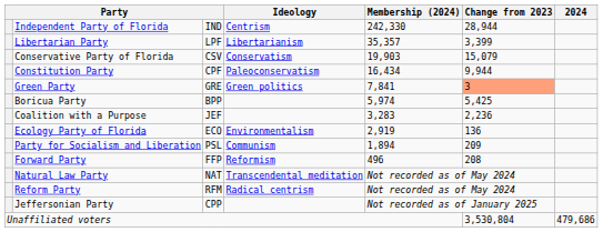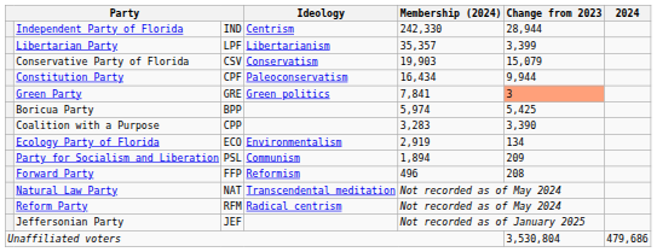 <table class="wikitable sortable">
 <tr>
 <th colspan=3>Party</th>
 <th class=unsortable>Ideology</th>
 <th>Membership (2024)</th>
 <th>Change from 2023</th>
 <th class=unsortable>2024<br></th>
 </tr>
 <tr>
 <th style="background-color: "></th>
 <td><a href='#'>Independent Party of Florida</a></td>
 <td>IND</td>
 <td><a href='#'>Centrism</a></td>
 <td>242,330</td>
 <td> 28,944</td>
 <td></td>
 </tr>
 <tr>
 <th width=5px style="background-color: "></th>
 <td><a href='#'>Libertarian Party</a></td>
 <td>LPF</td>
 <td><a href='#'>Libertarianism</a></td>
 <td>35,357</td>
 <td> 3,399</td>
 <td></td>
 </tr>
 <tr>
 <th width=5px style="background-color: "></th>
 <td>Conservative Party of Florida</td>
 <td>CSV</td>
 <td><a href='#'>Conservatism</a></td>
 <td>19,903</td>
 <td> 15,079</td>
 <td></td>
 </tr>
 <tr>
 <th width=5px style="background-color: "></th>
 <td><a href='#'>Constitution Party</a></td>
 <td>CPF</td>
 <td><a href='#'>Paleoconservatism</a></td>
 <td>16,434</td>
 <td> 9,944</td>
 <td></td>
 </tr>
 <tr>
 <th width=5px style="background-color: "></th>
 <td><a href='#'>Green Party</a></td>
 <td>GRE</td>
 <td><a href='#'>Green politics</a></td>
 <td>7,841</td>
 <td style="background: lightsalmon;"> 3</td>
 <td></td>
 </tr>
 <tr>
 <th width=5px></th>
 <td>Boricua Party</td>
 <td>BPP</td>
 <td></td>
 <td>5,974</td>
 <td> 5,425</td>
 <td></td>
 </tr>
 <tr>
 <th width=5px></th>
 <td>Coalition with a Purpose</td>
-<td>JEF</td>
+<td>CPP</td>
 <td></td>
 <td>3,283</td>
-<td> 2,236</td>
+<td> 3,390</td>
 <td></td>
 </tr>
 <tr>
 <th width=5px style="background-color: "></th>
 <td><a href='#'>Ecology Party of Florida</a></td>
 <td>ECO</td>
 <td><a href='#'>Environmentalism</a></td>
 <td>2,919</td>
-<td> 136</td>
+<td> 134</td>
 <td></td>
 </tr>
 <tr>
 <th width=5px style="background-color: "></th>
 <td><a href='#'>Party for Socialism and Liberation</a></td>
 <td>PSL</td>
 <td><a href='#'>Communism</a></td>
 <td>1,894</td>
 <td> 209</td>
 <td></td>
 </tr>
 <tr>
 <th width=5px style="background-color: "></th>
 <td><a href='#'>Forward Party</a></td>
 <td>FFP</td>
 <td><a href='#'>Reformism</a></td>
 <td>496</td>
 <td> 208</td>
 <td></td>
 </tr>
 <tr>
 <th width=5px style="background-color: "></th>
 <td><a href='#'>Natural Law Party</a></td>
 <td>NAT</td>
 <td><a href='#'>Transcendental meditation</a></td>
 <td colspan=2><em>Not recorded as of May 2024</em></td>
 <td></td>
 </tr>
 <tr>
 <th width=5px style="background-color: "></th>
 <td><a href='#'>Reform Party</a></td>
 <td>RFM</td>
 <td><a href='#'>Radical centrism</a></td>
 <td colspan=2><em>Not recorded as of May 2024</em></td>
 <td></td>
 </tr>
 <tr>
 <th width=5px></th>
 <td>Jeffersonian Party</td>
-<td>CPP</td>
+<td>JEF</td>
 <td></td>
 <td colspan=2><em>Not recorded as of January 2025</em></td>
 <td></td>
 </tr>
 <tr>
 <td colspan=5><em>Unaffiliated voters</em></td>
 <td>3,530,804</td>
 <td colspan=2> 479,686</td>
 </tr>
 </table>
